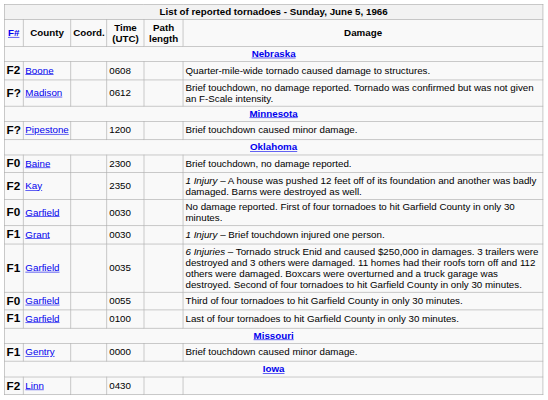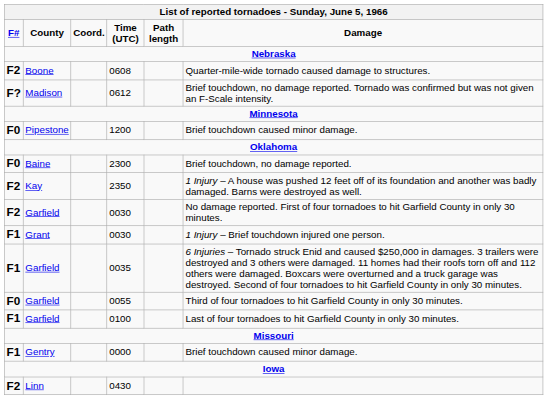 <table class="wikitable collapsible" style="width:100%;">
 <tr>
 <th colspan="6">List of reported tornadoes - Sunday, June 5, 1966</th>
 </tr>
 <tr style="text-align:center;">
 <td><strong><a href='#'>F#</a></strong></td>
 <td><strong>County</strong></td>
 <td><strong>Coord.</strong></td>
 <td><strong>Time (UTC)</strong></td>
 <td><strong>Path length</strong></td>
 <td><strong>Damage</strong></td>
 </tr>
 <tr>
 <td colspan="6" style="text-align:center;"><strong><a href='#'>Nebraska</a></strong></td>
 </tr>
 <tr>
 <td><big><strong>F2</strong></big></td>
 <td><a href='#'>Boone</a></td>
 <td></td>
 <td>0608</td>
 <td></td>
 <td>Quarter-mile-wide tornado caused damage to structures.</td>
 </tr>
 <tr>
 <td><big><strong>F?</strong></big></td>
 <td><a href='#'>Madison</a></td>
 <td></td>
 <td>0612</td>
 <td></td>
 <td>Brief touchdown, no damage reported. Tornado was confirmed but was not given an F-Scale intensity.</td>
 </tr>
 <tr>
 <td colspan="6" style="text-align:center;"><strong><a href='#'>Minnesota</a></strong></td>
 </tr>
 <tr>
-<td><big><strong>F?</strong></big></td>
+<td><big><strong>F0</strong></big></td>
 <td><a href='#'>Pipestone</a></td>
 <td></td>
 <td>1200</td>
 <td></td>
 <td>Brief touchdown caused minor damage.</td>
 </tr>
 <tr>
 <td colspan="6" style="text-align:center;"><strong><a href='#'>Oklahoma</a></strong></td>
 </tr>
 <tr>
 <td><big><strong>F0</strong></big></td>
 <td><a href='#'>Baine</a></td>
 <td></td>
 <td>2300</td>
 <td></td>
 <td>Brief touchdown, no damage reported.</td>
 </tr>
 <tr>
 <td><big><strong>F2</strong></big></td>
 <td><a href='#'>Kay</a></td>
 <td></td>
 <td>2350</td>
 <td></td>
 <td><em>1 Injury</em> –  A house was pushed 12 feet off of its foundation and another was badly damaged. Barns were destroyed as well.</td>
 </tr>
 <tr>
-<td><big><strong>F0</strong></big></td>
+<td><big><strong>F2</strong></big></td>
 <td><a href='#'>Garfield</a></td>
 <td></td>
 <td>0030</td>
 <td></td>
 <td>No damage reported. First of four tornadoes to hit Garfield County in only 30 minutes.</td>
 </tr>
 <tr>
 <td><big><strong>F1</strong></big></td>
 <td><a href='#'>Grant</a></td>
 <td></td>
 <td>0030</td>
 <td></td>
 <td><em>1 Injury</em> – Brief touchdown injured one person.</td>
 </tr>
 <tr>
 <td><big><strong>F1</strong></big></td>
 <td><a href='#'>Garfield</a></td>
 <td></td>
 <td>0035</td>
 <td></td>
 <td><em>6 Injuries</em> – Tornado struck Enid and caused $250,000 in damages. 3 trailers were destroyed and 3 others were damaged. 11 homes had their roofs torn off and 112 others were damaged. Boxcars were overturned and a truck garage was destroyed. Second of four tornadoes to hit Garfield County in only 30 minutes.</td>
 </tr>
 <tr>
 <td><big><strong>F0</strong></big></td>
 <td><a href='#'>Garfield</a></td>
 <td></td>
 <td>0055</td>
 <td></td>
 <td>Third of four tornadoes to hit Garfield County in only 30 minutes.</td>
 </tr>
 <tr>
 <td><big><strong>F1</strong></big></td>
 <td><a href='#'>Garfield</a></td>
 <td></td>
 <td>0100</td>
 <td></td>
 <td>Last of four tornadoes to hit Garfield County in only 30 minutes.</td>
 </tr>
 <tr>
 <td colspan="6" style="text-align:center;"><strong><a href='#'>Missouri</a></strong></td>
 </tr>
 <tr>
 <td><big><strong>F1</strong></big></td>
 <td><a href='#'>Gentry</a></td>
 <td></td>
 <td>0000</td>
 <td></td>
 <td>Brief touchdown caused minor damage.</td>
 </tr>
 <tr>
 <td colspan="6" style="text-align:center;"><strong><a href='#'>Iowa</a></strong></td>
 </tr>
 <tr>
 <td><big><strong>F2</strong></big></td>
 <td><a href='#'>Linn</a></td>
 <td></td>
 <td>0430</td>
 <td></td>
 <td></td>
 </tr>
 </table>
